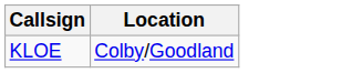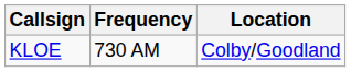 <table class="wikitable">
 <tr>
 <th>Callsign</th>
+<th>Frequency</th>
 <th>Location</th>
 </tr>
 <tr>
 <td><a href='#'>KLOE</a></td>
+<td>730 AM</td>
 <td><a href='#'>Colby</a>/<a href='#'>Goodland</a></td>
 </tr>
 </table>
